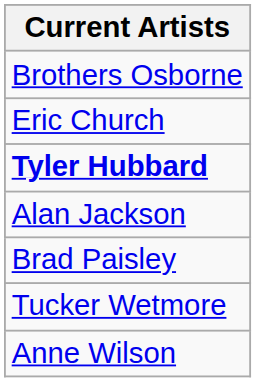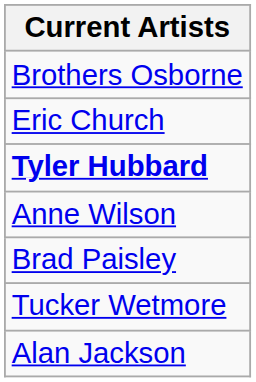 <table class="wikitable">
 <tr>
 <th>Current Artists</th>
 </tr>
 <tr>
 <td><a href='#'>Brothers Osborne</a></td>
 </tr>
 <tr>
 <td><a href='#'>Eric Church</a></td>
 </tr>
 <tr>
 <td><strong><a href='#'>Tyler Hubbard</a></strong></td>
 </tr>
 <tr>
-<td><a href='#'>Alan Jackson</a></td>
+<td><a href='#'>Anne Wilson</a></td>
 </tr>
 <tr>
 <td><a href='#'>Brad Paisley</a></td>
 </tr>
 <tr>
 <td><a href='#'>Tucker Wetmore</a></td>
 </tr>
 <tr>
-<td><a href='#'>Anne Wilson</a></td>
+<td><a href='#'>Alan Jackson</a></td>
 </tr>
 </table>
